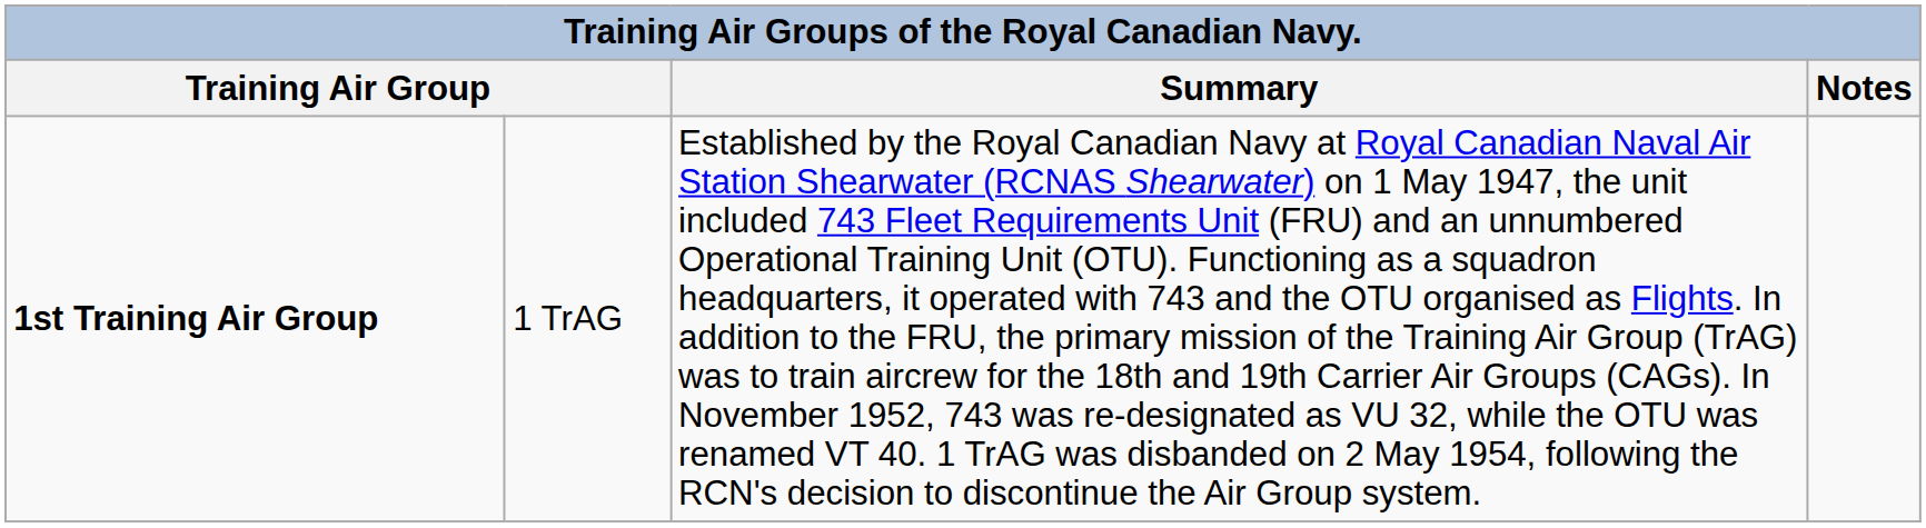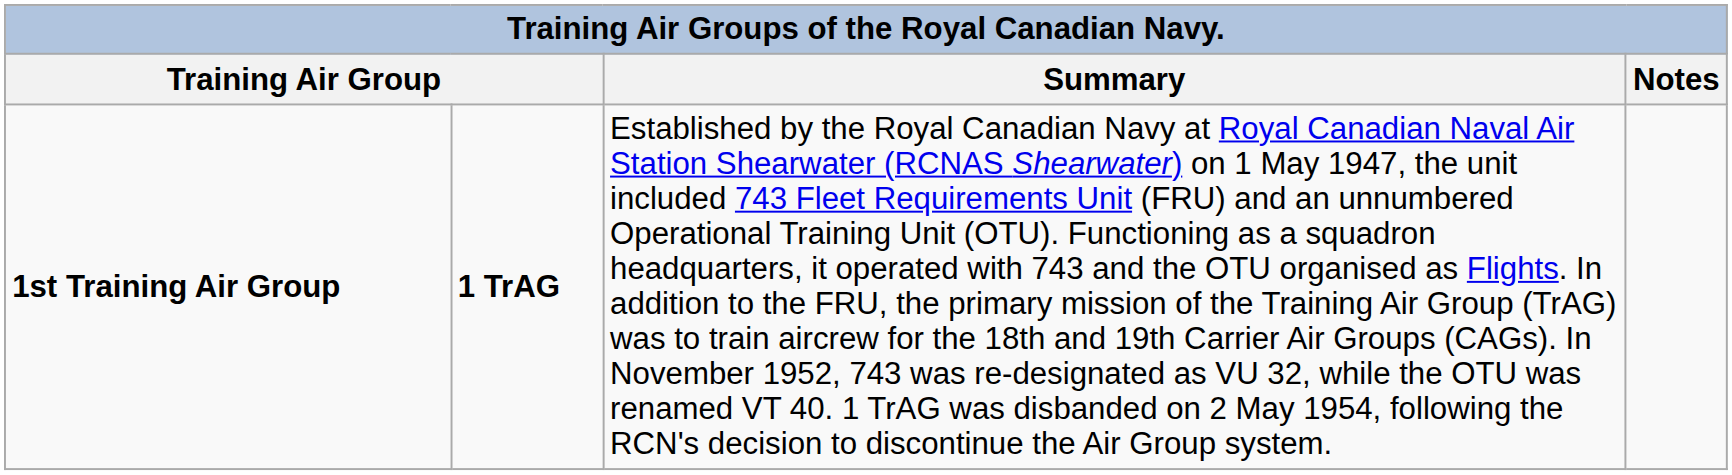 <table class="wikitable" style="margin:auto; width:100%;">
 <tr>
 <th style="align: center; background:#B0C4DE;" colspan=5>Training Air Groups of the Royal Canadian Navy.</th>
 </tr>
 <tr>
 <th style="text-align:center; width:35%;" colspan=2>Training Air Group</th>
 <th style="text-align:center; width:60%;">Summary</th>
 <th style="text-align:center; width:5%;">Notes</th>
 </tr>
 <tr>
 <td style="text-align:centre;"><strong>1st Training Air Group</strong></td>
-<td>1 TrAG</td>
+<td><strong>1 TrAG</strong></td>
 <td align=left>Established by the Royal Canadian Navy at <a href='#'>Royal Canadian Naval Air Station Shearwater (RCNAS <em>Shearwater</em>)</a> on 1 May 1947, the unit included <a href='#'>743 Fleet Requirements Unit</a> (FRU) and an unnumbered Operational Training Unit (OTU). Functioning as a squadron headquarters, it operated with 743 and the OTU organised as <a href='#'>Flights</a>. In addition to the FRU, the primary mission of the Training Air Group (TrAG) was to train aircrew for the 18th and 19th Carrier Air Groups (CAGs). In November 1952, 743 was re-designated as VU 32, while the OTU was renamed VT 40. 1 TrAG was disbanded on 2 May 1954, following the RCN's decision to discontinue the Air Group system.</td>
 <td></td>
 </tr>
 </table>
